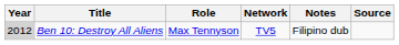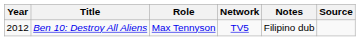 <table class="wikitable sortable" style="text-align:center">
 <tr>
 <th>Year</th>
 <th>Title</th>
 <th>Role</th>
 <th>Network</th>
 <th>Notes</th>
 <th>Source</th>
 </tr>
 <tr>
-<td style="background: lightgrey;">2012</td>
+<td>2012</td>
 <td><em><a href='#'>Ben 10: Destroy All Aliens</a></em></td>
 <td><a href='#'>Max Tennyson</a></td>
 <td><a href='#'>TV5</a></td>
 <td>Filipino dub</td>
 <td></td>
 </tr>
 </table>
